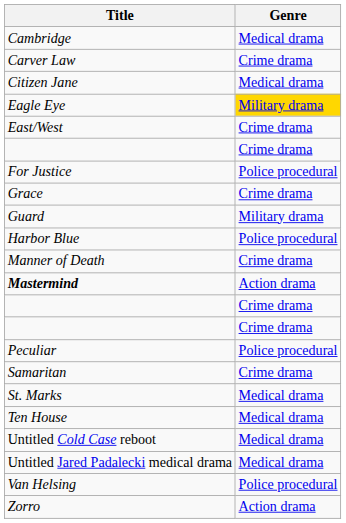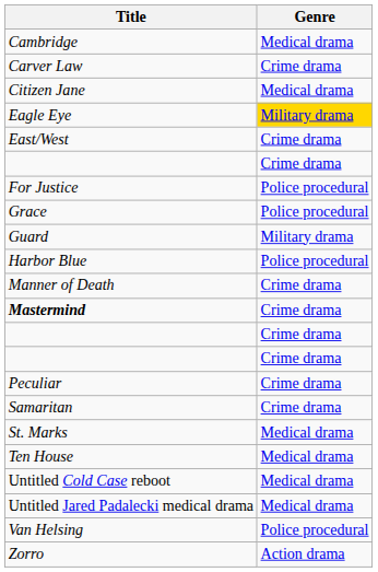 <table class="wikitable sortable">
 <tr>
 <th>Title</th>
 <th>Genre</th>
 </tr>
 <tr>
 <td><em>Cambridge</em></td>
 <td><a href='#'>Medical drama</a></td>
 </tr>
 <tr>
 <td><em>Carver Law</em></td>
 <td><a href='#'>Crime drama</a></td>
 </tr>
 <tr>
 <td><em>Citizen Jane</em></td>
 <td><a href='#'>Medical drama</a></td>
 </tr>
 <tr>
 <td><em>Eagle Eye</em></td>
 <td style="background: gold;"><a href='#'>Military drama</a></td>
 </tr>
 <tr>
 <td><em>East/West</em></td>
 <td><a href='#'>Crime drama</a></td>
 </tr>
 <tr>
 <td><em></em></td>
 <td><a href='#'>Crime drama</a></td>
 </tr>
 <tr>
 <td><em>For Justice</em></td>
 <td><a href='#'>Police procedural</a></td>
 </tr>
 <tr>
 <td><em>Grace</em></td>
-<td><a href='#'>Crime drama</a></td>
+<td><a href='#'>Police procedural</a></td>
 </tr>
 <tr>
 <td><em>Guard</em></td>
 <td><a href='#'>Military drama</a></td>
 </tr>
 <tr>
 <td><em>Harbor Blue</em></td>
 <td><a href='#'>Police procedural</a></td>
 </tr>
 <tr>
 <td><em>Manner of Death</em></td>
 <td><a href='#'>Crime drama</a></td>
 </tr>
 <tr>
 <td><strong><em>Mastermind</em></strong></td>
-<td><a href='#'>Action drama</a></td>
+<td><a href='#'>Crime drama</a></td>
 </tr>
 <tr>
 <td><em></em></td>
 <td><a href='#'>Crime drama</a></td>
 </tr>
 <tr>
 <td><em></em></td>
 <td><a href='#'>Crime drama</a></td>
 </tr>
 <tr>
 <td><em>Peculiar</em></td>
-<td><a href='#'>Police procedural</a></td>
+<td><a href='#'>Crime drama</a></td>
 </tr>
 <tr>
 <td><em>Samaritan</em></td>
 <td><a href='#'>Crime drama</a></td>
 </tr>
 <tr>
 <td><em>St. Marks</em></td>
 <td><a href='#'>Medical drama</a></td>
 </tr>
 <tr>
 <td><em>Ten House</em></td>
 <td><a href='#'>Medical drama</a></td>
 </tr>
 <tr>
 <td>Untitled <em><a href='#'>Cold Case</a></em> reboot</td>
 <td><a href='#'>Medical drama</a></td>
 </tr>
 <tr>
 <td>Untitled <a href='#'>Jared Padalecki</a> medical drama</td>
 <td><a href='#'>Medical drama</a></td>
 </tr>
 <tr>
 <td><em>Van Helsing</em></td>
 <td><a href='#'>Police procedural</a></td>
 </tr>
 <tr>
 <td><em>Zorro</em></td>
 <td><a href='#'>Action drama</a></td>
 </tr>
 </table>
